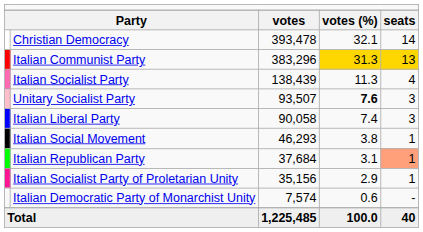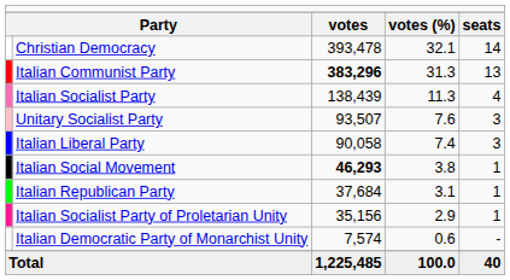 <table class="wikitable" style="font-size:95%">
 <tr>
 <td colspan=5 align=center></td>
 </tr>
 <tr>
 </tr>
 <tr bgcolor="EFEFEF">
 <th colspan=2>Party</th>
 <th>votes</th>
 <th>votes (%)</th>
 <th>seats</th>
 </tr>
 <tr>
 <td bgcolor=white></td>
 <td><a href='#'>Christian Democracy</a></td>
 <td align=right>393,478</td>
 <td align=right>32.1</td>
 <td align=right>14</td>
 </tr>
 <tr>
 <td bgcolor=red></td>
 <td><a href='#'>Italian Communist Party</a></td>
-<td align=right>383,296</td>
-<td align=right style="background: gold;">31.3</td>
-<td align=right style="background: gold;">13</td>
+<td align=right><strong>383,296</strong></td>
+<td align=right>31.3</td>
+<td align=right>13</td>
 </tr>
 <tr>
 <td bgcolor=hotpink></td>
 <td><a href='#'>Italian Socialist Party</a></td>
 <td align=right>138,439</td>
 <td align=right>11.3</td>
 <td align=right>4</td>
 </tr>
 <tr>
 <td bgcolor=pink></td>
 <td><a href='#'>Unitary Socialist Party</a></td>
 <td align=right>93,507</td>
-<td align=right><strong>7.6</strong></td>
+<td align=right>7.6</td>
 <td align=right>3</td>
 </tr>
 <tr>
 <td bgcolor=blue></td>
 <td><a href='#'>Italian Liberal Party</a></td>
 <td align=right>90,058</td>
 <td align=right>7.4</td>
 <td align=right>3</td>
 </tr>
 <tr>
 <td bgcolor=black></td>
 <td><a href='#'>Italian Social Movement</a></td>
-<td align=right>46,293</td>
+<td align=right><strong>46,293</strong></td>
 <td align=right>3.8</td>
 <td align=right>1</td>
 </tr>
 <tr>
 <td bgcolor=lime></td>
 <td><a href='#'>Italian Republican Party</a></td>
 <td align=right>37,684</td>
 <td align=right>3.1</td>
-<td align=right style="background: lightsalmon;">1</td>
+<td align=right>1</td>
 </tr>
 <tr>
 <td bgcolor=deeppink></td>
 <td><a href='#'>Italian Socialist Party of Proletarian Unity</a></td>
 <td align=right>35,156</td>
 <td align=right>2.9</td>
 <td align=right>1</td>
 </tr>
 <tr>
 <td></td>
 <td><a href='#'>Italian Democratic Party of Monarchist Unity</a></td>
 <td align=right>7,574</td>
 <td align=right>0.6</td>
 <td align=right>-</td>
 </tr>
 <tr>
 </tr>
 <tr bgcolor="EFEFEF">
 <td colspan=2><strong>Total</strong></td>
 <td align=right><strong>1,225,485</strong></td>
 <td align=right><strong>100.0</strong></td>
 <td align=right><strong>40</strong></td>
 </tr>
 </table>
